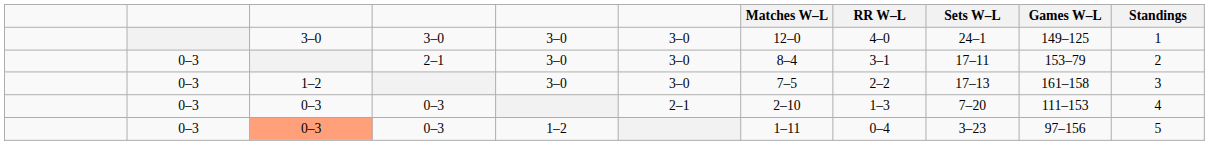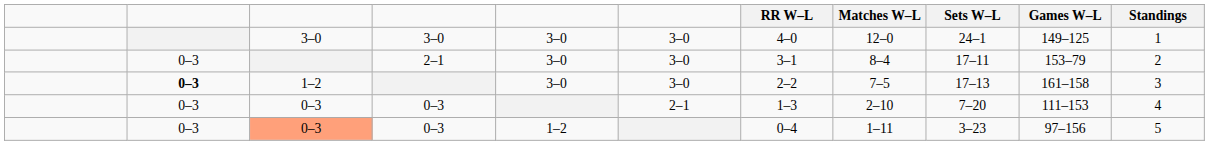 <table class="wikitable" style="width: 100%; text-align:center; font-size:90%">
 <tr>
 <td width=108></td>
 <td width=108></td>
 <td width=108></td>
 <td width=108></td>
 <td width=108></td>
 <td width=108></td>
+<th width=80>RR W–L</th>
 <th width=80>Matches W–L</th>
-<th width=80>RR W–L</th>
 <th width=80>Sets W–L</th>
 <th width=80>Games W–L</th>
 <th width=80>Standings</th>
 </tr>
 <tr>
 <td style="text-align:left;"></td>
 <th bgcolor="ededed"></th>
 <td>3–0</td>
 <td>3–0</td>
 <td>3–0</td>
 <td>3–0</td>
+<td>4–0</td>
 <td>12–0</td>
-<td>4–0</td>
 <td>24–1</td>
 <td>149–125</td>
 <td>1</td>
 </tr>
 <tr>
 <td style="text-align:left;"></td>
 <td>0–3</td>
 <th bgcolor="ededed"></th>
 <td>2–1</td>
 <td>3–0</td>
 <td>3–0</td>
+<td>3–1</td>
 <td>8–4</td>
-<td>3–1</td>
 <td>17–11</td>
 <td>153–79</td>
 <td>2</td>
 </tr>
 <tr>
 <td style="text-align:left;"></td>
-<td>0–3</td>
+<td><strong>0–3</strong></td>
 <td>1–2</td>
 <th bgcolor="ededed"></th>
 <td>3–0</td>
 <td>3–0</td>
+<td>2–2</td>
 <td>7–5</td>
-<td>2–2</td>
 <td>17–13</td>
 <td>161–158</td>
 <td>3</td>
 </tr>
 <tr>
 <td style="text-align:left;"></td>
 <td>0–3</td>
 <td>0–3</td>
 <td>0–3</td>
 <th bgcolor="ededed"></th>
 <td>2–1</td>
+<td>1–3</td>
 <td>2–10</td>
-<td>1–3</td>
 <td>7–20</td>
 <td>111–153</td>
 <td>4</td>
 </tr>
 <tr>
 <td style="text-align:left;"></td>
 <td>0–3</td>
 <td style="background: lightsalmon;">0–3</td>
 <td>0–3</td>
 <td>1–2</td>
 <th bgcolor="ededed"></th>
+<td>0–4</td>
 <td>1–11</td>
-<td>0–4</td>
 <td>3–23</td>
 <td>97–156</td>
 <td>5</td>
 </tr>
 </table>
